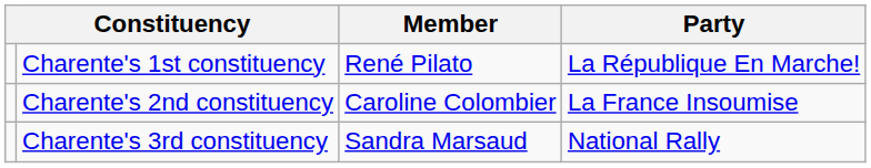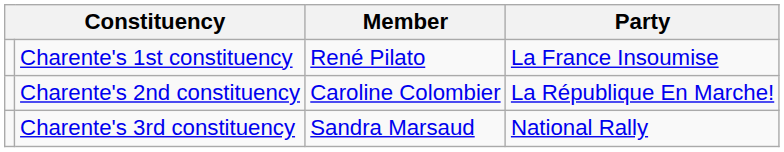 <table class="wikitable">
 <tr>
 <th colspan="2">Constituency</th>
 <th>Member</th>
 <th>Party</th>
 </tr>
 <tr>
 <td style="background-color: "></td>
 <td><a href='#'>Charente's 1st constituency</a></td>
 <td><a href='#'>René Pilato</a></td>
-<td><a href='#'>La République En Marche!</a></td>
+<td><a href='#'>La France Insoumise</a></td>
 </tr>
 <tr>
 <td style="background-color: "></td>
 <td><a href='#'>Charente's 2nd constituency</a></td>
 <td><a href='#'>Caroline Colombier</a></td>
-<td><a href='#'>La France Insoumise</a></td>
+<td><a href='#'>La République En Marche!</a></td>
 </tr>
 <tr>
 <td style="background-color: "></td>
 <td><a href='#'>Charente's 3rd constituency</a></td>
 <td><a href='#'>Sandra Marsaud</a></td>
 <td><a href='#'>National Rally</a></td>
 </tr>
 </table>
